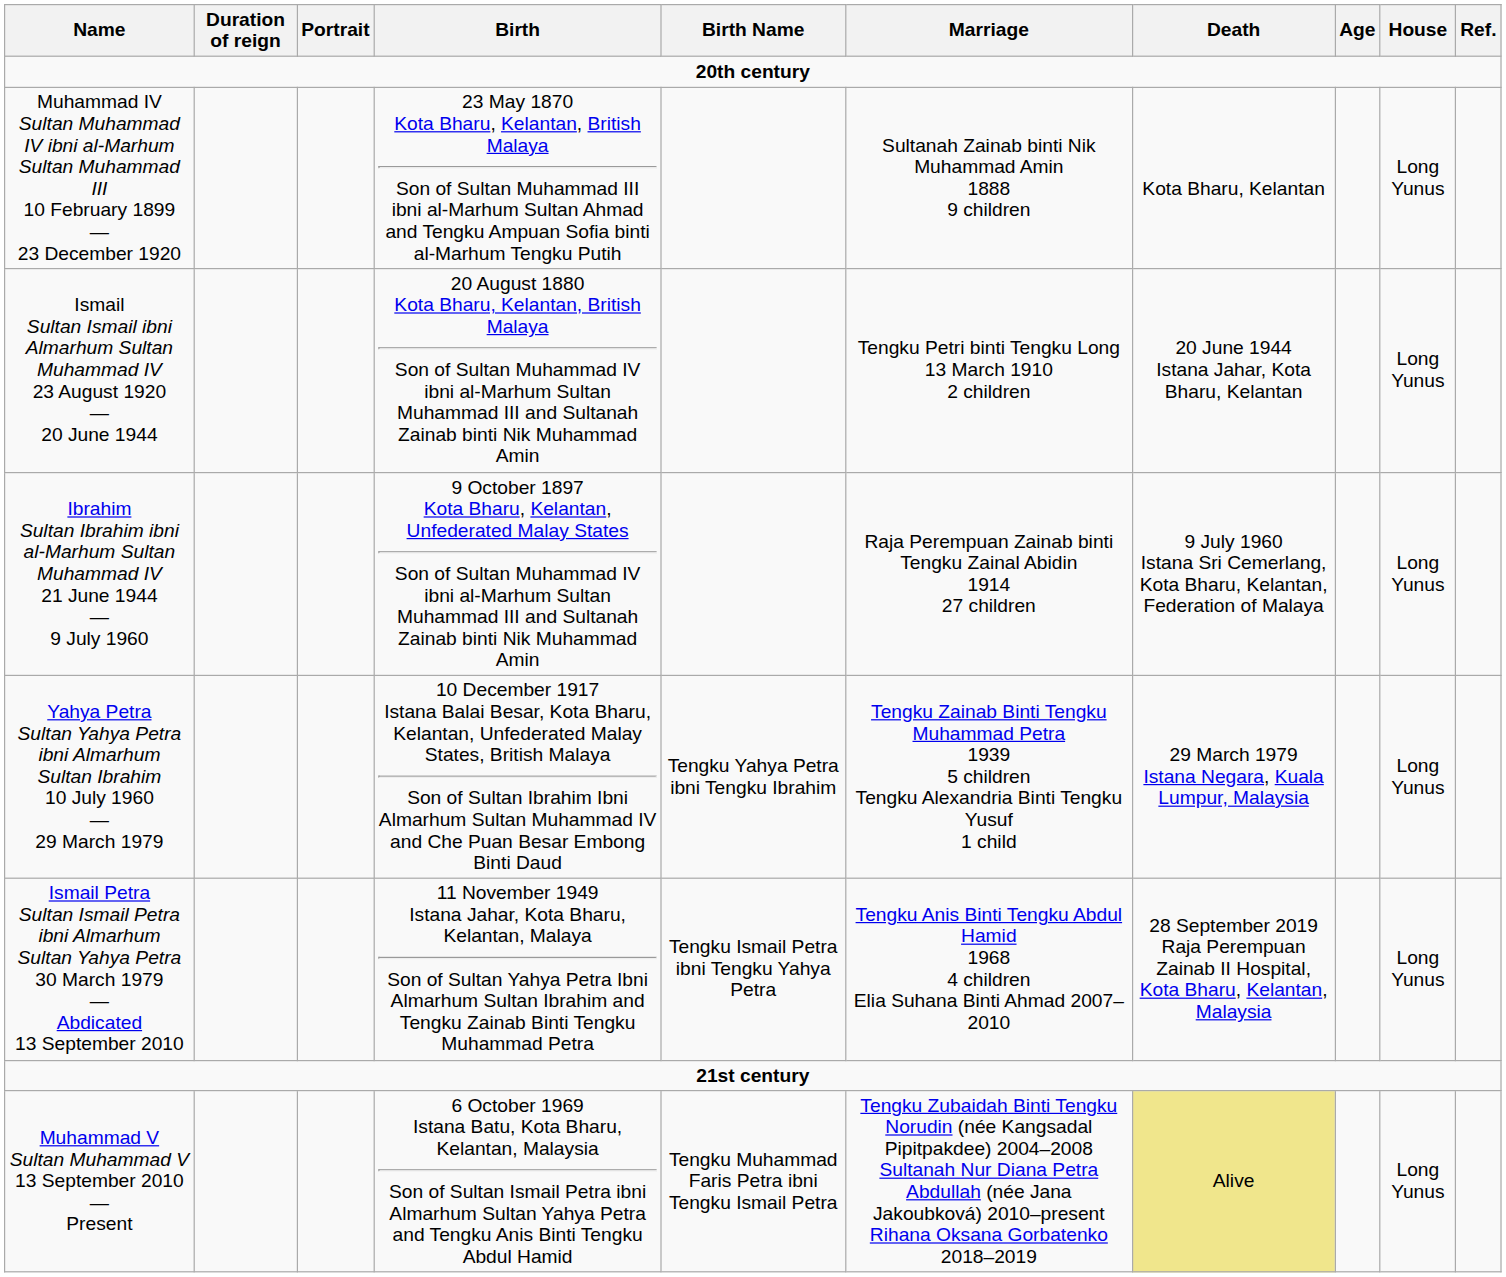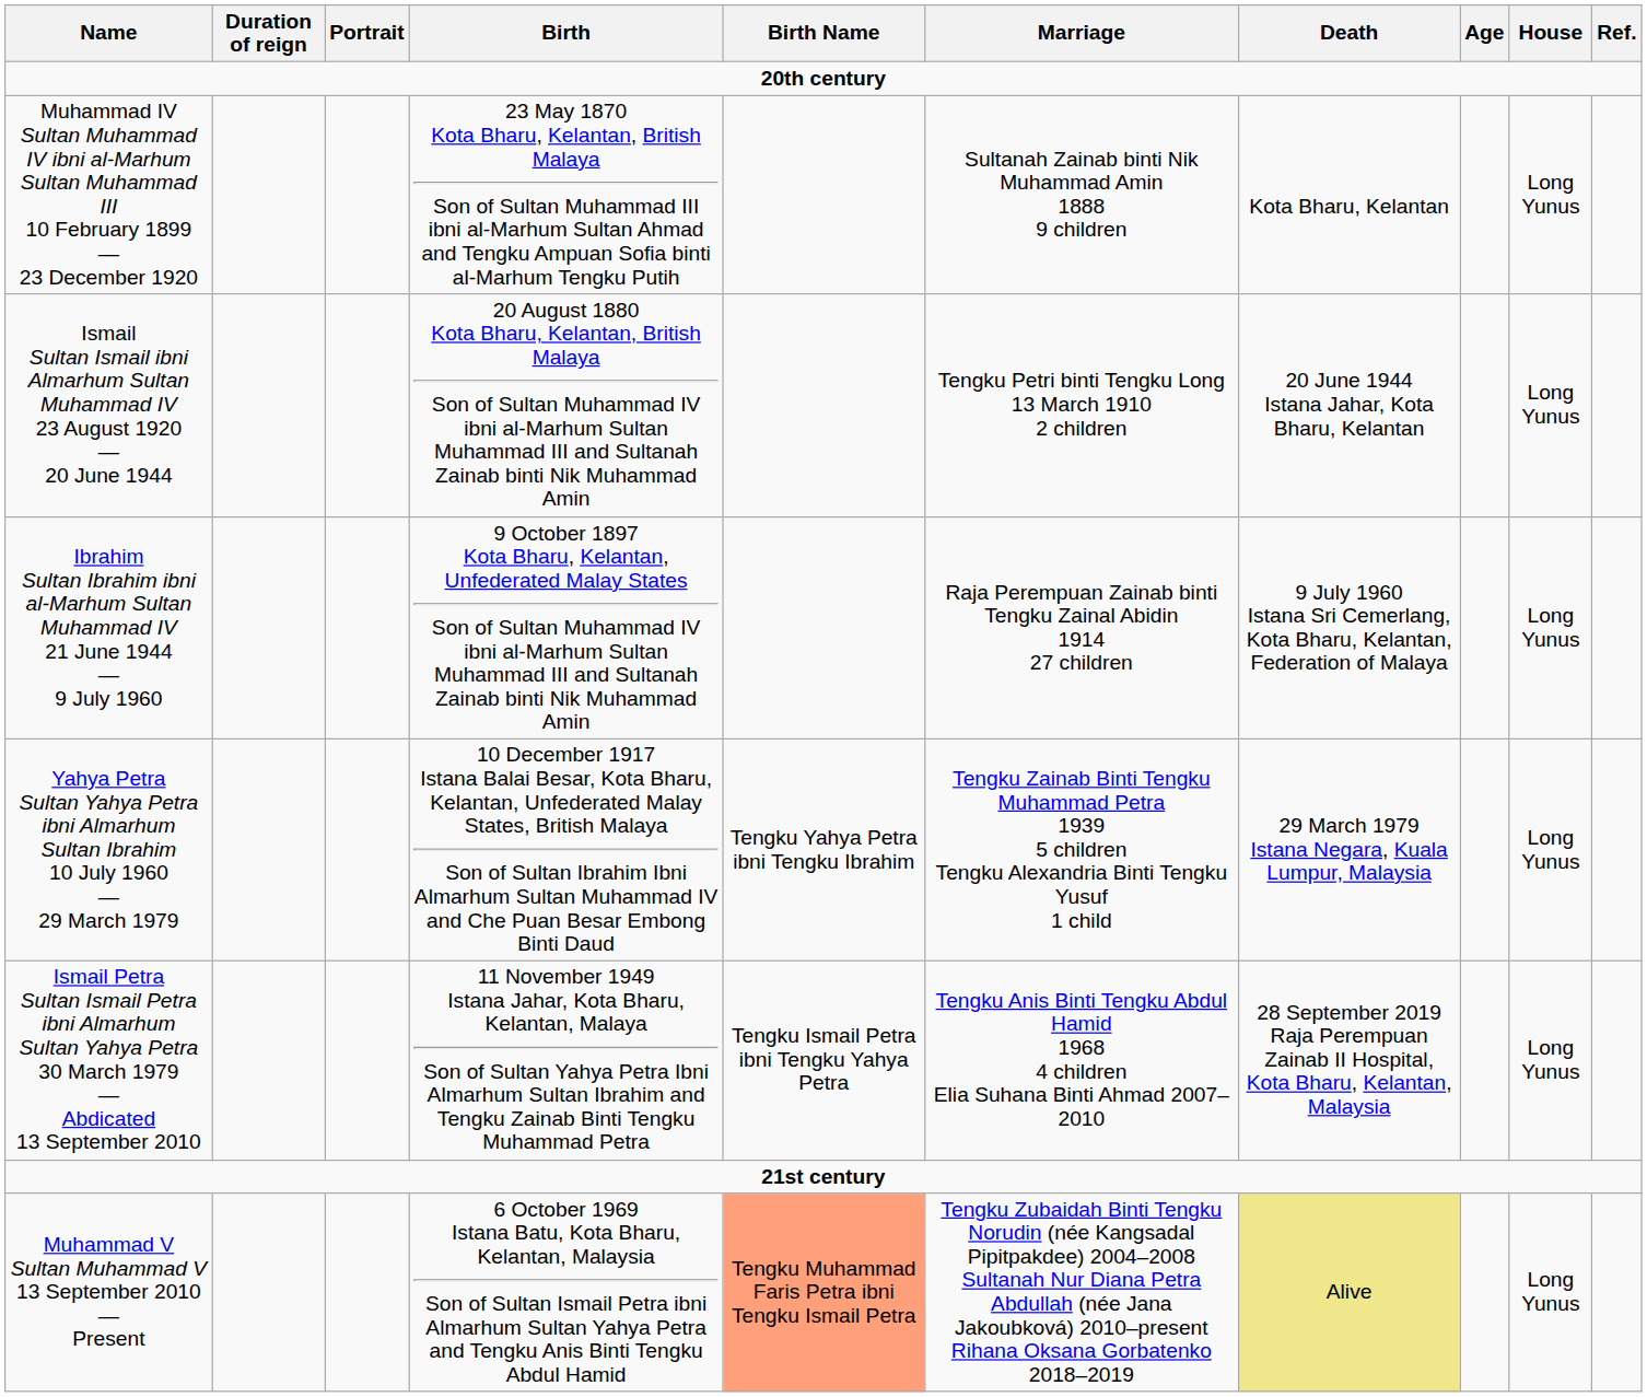 <table style="text-align: center" class="wikitable sortable">
 <tr>
 <th>Name<br></th>
 <th>Duration of reign</th>
 <th class="unsortable">Portrait<br></th>
 <th class="unsortable">Birth<br></th>
 <th>Birth Name</th>
 <th class="unsortable">Marriage</th>
 <th class="unsortable">Death</th>
 <th>Age</th>
 <th class="unsortable">House</th>
 <th class="unsortable">Ref.</th>
 </tr>
 <tr>
 <td colspan="10"><strong>20th century</strong></td>
 </tr>
 <tr>
 <td>Muhammad IV<small></small><br><em>Sultan</em> <em>Muhammad IV ibni al-Marhum Sultan Muhammad III</em><br>10 February 1899 <br>—<br>23 December 1920</td>
 <td></td>
 <td></td>
 <td>23 May 1870<br><a href='#'>Kota Bharu</a>, <a href='#'>Kelantan</a>, <a href='#'>British Malaya</a><hr>Son of Sultan Muhammad III ibni al-Marhum Sultan Ahmad and Tengku Ampuan Sofia binti al-Marhum Tengku Putih</td>
 <td></td>
 <td>Sultanah Zainab binti Nik Muhammad Amin<br>1888<br>9 children</td>
 <td><br>Kota Bharu, Kelantan</td>
 <td></td>
 <td>Long Yunus</td>
 <td></td>
 </tr>
 <tr>
 <td>Ismail<br><em>Sultan Ismail ibni Almarhum Sultan Muhammad IV</em><br>23 August 1920<br>—<br>20 June 1944</td>
 <td></td>
 <td></td>
 <td>20 August 1880<br><a href='#'>Kota Bharu, Kelantan, British Malaya</a><hr>Son of Sultan Muhammad IV ibni al-Marhum Sultan Muhammad III and Sultanah Zainab binti Nik Muhammad Amin</td>
 <td></td>
 <td>Tengku Petri binti Tengku Long<br>13 March 1910<br>2 children</td>
 <td>20 June 1944<br>Istana Jahar, Kota Bharu, Kelantan</td>
 <td></td>
 <td>Long Yunus</td>
 <td></td>
 </tr>
 <tr>
 <td><a href='#'>Ibrahim</a><br><em>Sultan Ibrahim ibni al-Marhum Sultan Muhammad IV</em><br>21 June 1944<br>—<br>9 July 1960</td>
 <td></td>
 <td></td>
 <td>9 October 1897<br><a href='#'>Kota Bharu</a>, <a href='#'>Kelantan</a>, <a href='#'>Unfederated Malay States</a><hr>Son of Sultan Muhammad IV ibni al-Marhum Sultan Muhammad III and Sultanah Zainab binti Nik Muhammad Amin</td>
 <td></td>
 <td>Raja Perempuan Zainab binti Tengku Zainal Abidin<br>1914<br>27 children</td>
 <td>9 July 1960<br>Istana Sri Cemerlang, Kota Bharu, Kelantan, Federation of Malaya</td>
 <td></td>
 <td>Long Yunus</td>
 <td></td>
 </tr>
 <tr>
 <td><a href='#'>Yahya Petra</a><br><em>Sultan Yahya Petra ibni Almarhum Sultan Ibrahim</em><br>10 July 1960<br>—<br>29 March 1979</td>
 <td></td>
 <td></td>
 <td>10 December 1917<br>Istana Balai Besar, Kota Bharu, Kelantan, Unfederated Malay States, British Malaya<hr>Son of Sultan Ibrahim Ibni Almarhum Sultan Muhammad IV and Che Puan Besar Embong Binti Daud</td>
 <td>Tengku Yahya Petra ibni Tengku Ibrahim</td>
 <td><a href='#'>Tengku Zainab Binti Tengku Muhammad Petra</a><br>1939<br>5 children<br>Tengku Alexandria Binti Tengku Yusuf <br> 1 child</td>
 <td>29 March 1979<br><a href='#'>Istana Negara</a>, <a href='#'>Kuala Lumpur, Malaysia</a></td>
 <td></td>
 <td>Long Yunus</td>
 <td></td>
 </tr>
 <tr>
 <td><a href='#'>Ismail Petra</a><br><em>Sultan Ismail Petra ibni Almarhum Sultan Yahya Petra</em><br>30 March 1979<br>—<br><a href='#'>Abdicated</a><br>13 September 2010</td>
 <td></td>
 <td></td>
 <td>11 November 1949<br>Istana Jahar, Kota Bharu, Kelantan, Malaya<hr>Son of Sultan Yahya Petra Ibni Almarhum Sultan Ibrahim and Tengku Zainab Binti Tengku Muhammad Petra</td>
 <td>Tengku Ismail Petra ibni Tengku Yahya Petra</td>
 <td><a href='#'>Tengku Anis Binti Tengku Abdul Hamid</a><br>1968 <br> 4 children <br>Elia Suhana Binti Ahmad 2007–2010</td>
 <td>28 September 2019<br>Raja Perempuan Zainab II Hospital, <a href='#'>Kota Bharu</a>, <a href='#'>Kelantan</a>, <a href='#'>Malaysia</a></td>
 <td></td>
 <td>Long Yunus</td>
 <td></td>
 </tr>
 <tr>
 <td colspan="10"><strong>21st century</strong></td>
 </tr>
 <tr>
 <td><a href='#'>Muhammad V</a><br><em>Sultan Muhammad V</em><br>13 September 2010<br>—<br>Present</td>
 <td></td>
 <td></td>
 <td>6 October 1969<br>Istana Batu, Kota Bharu, Kelantan, Malaysia<hr>Son of Sultan Ismail Petra ibni Almarhum Sultan Yahya Petra and Tengku Anis Binti Tengku Abdul Hamid</td>
-<td>Tengku Muhammad Faris Petra ibni Tengku Ismail Petra</td>
+<td style="background: lightsalmon;">Tengku Muhammad Faris Petra ibni Tengku Ismail Petra</td>
 <td><a href='#'>Tengku Zubaidah Binti Tengku Norudin</a> (née Kangsadal Pipitpakdee)  2004–2008<br><a href='#'>Sultanah Nur Diana Petra Abdullah</a> (née Jana Jakoubková) 2010–present <a href='#'>Rihana Oksana Gorbatenko</a>  2018–2019</td>
 <td style="background: khaki;">Alive</td>
 <td></td>
 <td rowspan="7">Long Yunus</td>
 <td></td>
 </tr>
 </table>
